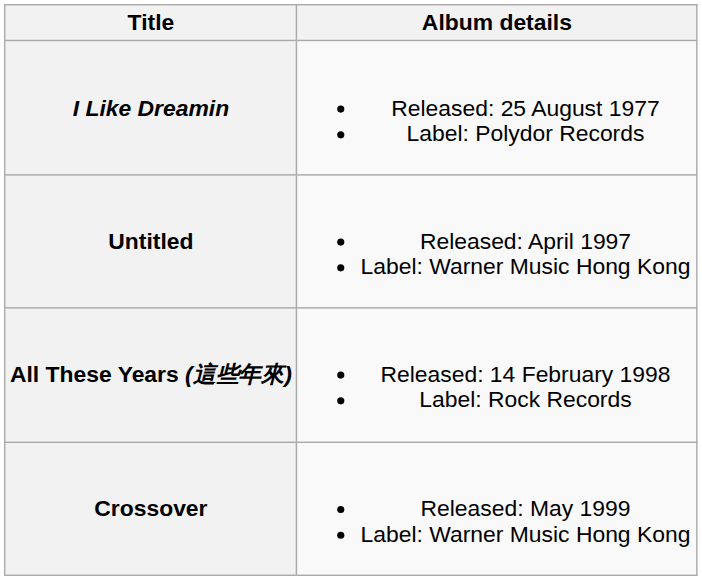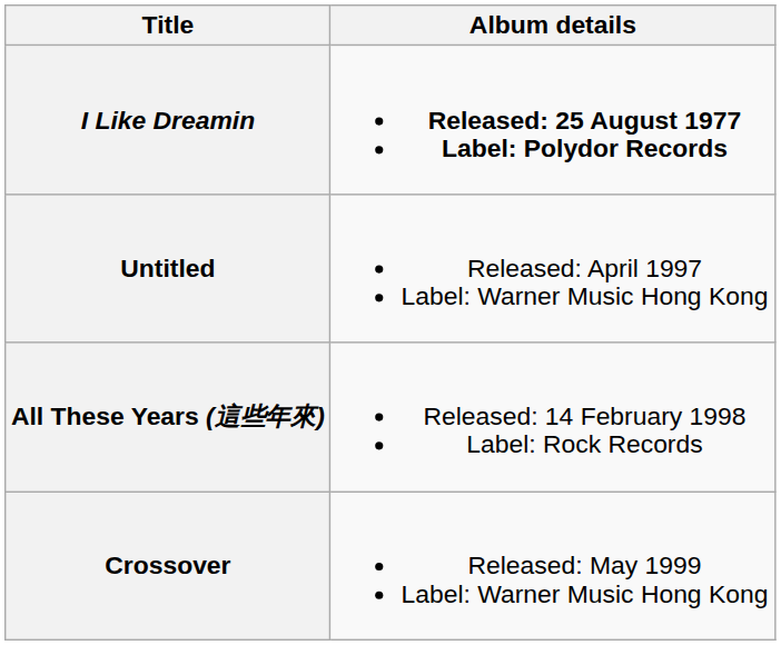 <table class="wikitable plainrowheaders" style="text-align:center;">
 <tr>
 <th rowspan="1">Title</th>
 <th rowspan="1" style="width:17em;">Album details</th>
 </tr>
 <tr>
 <th scope="row"><em>I Like Dreamin<strong></th>
-<td><br><ul><li>Released: 25 August 1977</li><li>Label: Polydor Records</li></ul></td>
+<td><strong><br><ul><li>Released: 25 August 1977</li><li>Label: Polydor Records</li></ul></strong></td>
 </tr>
 <tr>
 <th scope="row"></em>Untitled<em></th>
 <td><br><ul><li>Released: April 1997</li><li>Label: Warner Music Hong Kong</li></ul></td>
 </tr>
 <tr>
 <th scope="row"></em>All These Years<em> (這些年來)</th>
 <td><br><ul><li>Released: 14 February 1998</li><li>Label: Rock Records</li></ul></td>
 </tr>
 <tr>
 <th scope="row"></em>Crossover<em></th>
 <td><br><ul><li>Released: May 1999</li><li>Label: Warner Music Hong Kong</li></ul></td>
 </tr>
 </table>
